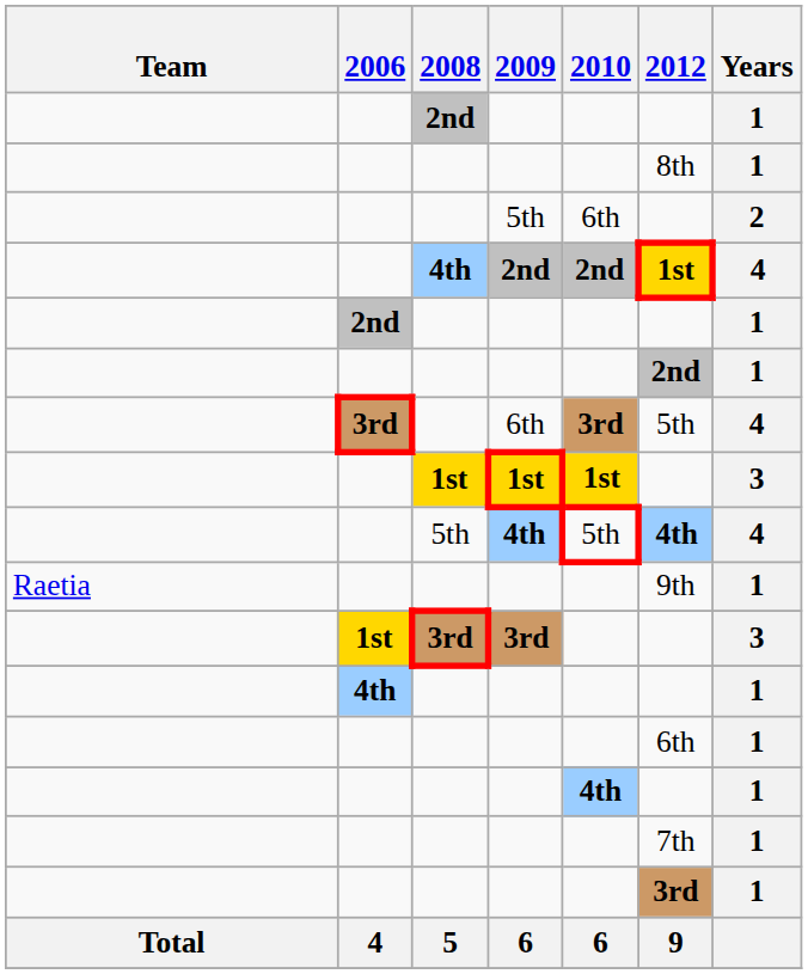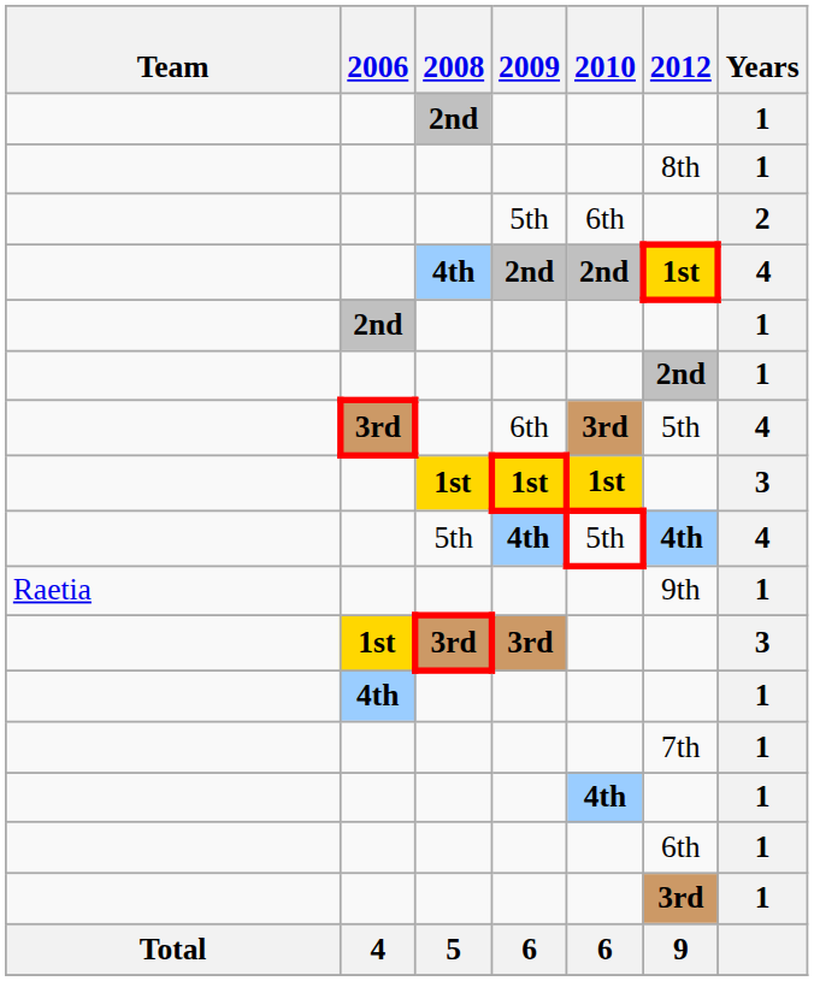 <table class="wikitable" style="text-align:center; font-size:90%">
 <tr valign="bottom">
 <th width=150>Team</th>
 <th><br><a href='#'>2006</a></th>
 <th><br><a href='#'>2008</a></th>
 <th><br><a href='#'>2009</a></th>
 <th><br><a href='#'>2010</a></th>
 <th><br><a href='#'>2012</a></th>
 <th>Years</th>
 </tr>
 <tr>
 <td align=left></td>
 <td></td>
 <td bgcolor=silver><strong>2nd</strong></td>
 <td></td>
 <td></td>
 <td></td>
 <th>1</th>
 </tr>
 <tr>
 <td align=left></td>
 <td></td>
 <td></td>
 <td></td>
 <td></td>
 <td>8th</td>
 <th>1</th>
 </tr>
 <tr>
 <td align=left></td>
 <td></td>
 <td></td>
 <td>5th</td>
 <td>6th</td>
 <td></td>
 <th>2</th>
 </tr>
 <tr>
 <td align=left></td>
 <td></td>
 <td bgcolor=#9acdff><strong>4th</strong></td>
 <td bgcolor=silver><strong>2nd</strong></td>
 <td bgcolor=silver><strong>2nd</strong></td>
 <td style="border: 3px solid red" bgcolor=gold><strong>1st</strong></td>
 <th>4</th>
 </tr>
 <tr>
 <td align=left></td>
 <td bgcolor=silver><strong>2nd</strong></td>
 <td></td>
 <td></td>
 <td></td>
 <td></td>
 <th>1</th>
 </tr>
 <tr>
 <td align=left></td>
 <td></td>
 <td></td>
 <td></td>
 <td></td>
 <td bgcolor=silver><strong>2nd</strong></td>
 <th>1</th>
 </tr>
 <tr>
 <td align=left></td>
 <td style="border: 3px solid red" bgcolor=#cc9966><strong>3rd</strong></td>
 <td></td>
 <td>6th</td>
 <td bgcolor=#cc9966><strong>3rd</strong></td>
 <td>5th</td>
 <th>4</th>
 </tr>
 <tr>
 <td align=left></td>
 <td></td>
 <td bgcolor=gold><strong>1st</strong></td>
 <td style="border: 3px solid red" bgcolor=gold><strong>1st</strong></td>
 <td bgcolor=gold><strong>1st</strong></td>
 <td></td>
 <th>3</th>
 </tr>
 <tr>
 <td align=left></td>
 <td></td>
 <td>5th</td>
 <td bgcolor=#9acdff><strong>4th</strong></td>
 <td style="border: 3px solid red">5th</td>
 <td bgcolor=#9acdff><strong>4th</strong></td>
 <th>4</th>
 </tr>
 <tr>
 <td align=left> <a href='#'>Raetia</a></td>
 <td></td>
 <td></td>
 <td></td>
 <td></td>
 <td>9th</td>
 <th>1</th>
 </tr>
 <tr>
 <td align=left></td>
 <td bgcolor=gold><strong>1st</strong></td>
 <td style="border: 3px solid red" bgcolor=#cc9966><strong>3rd</strong></td>
 <td bgcolor=#cc9966><strong>3rd</strong></td>
 <td></td>
 <td></td>
 <th>3</th>
 </tr>
 <tr>
 <td align=left></td>
 <td bgcolor=#9acdff><strong>4th</strong></td>
 <td></td>
 <td></td>
 <td></td>
 <td></td>
 <th>1</th>
 </tr>
 <tr>
 <td align=left></td>
 <td></td>
 <td></td>
 <td></td>
 <td></td>
-<td>6th</td>
+<td>7th</td>
 <th>1</th>
 </tr>
 <tr>
 <td align=left></td>
 <td></td>
 <td></td>
 <td></td>
 <td bgcolor=#9acdff><strong>4th</strong></td>
 <td></td>
 <th>1</th>
 </tr>
 <tr>
 <td align=left></td>
 <td></td>
 <td></td>
 <td></td>
 <td></td>
-<td>7th</td>
+<td>6th</td>
 <th>1</th>
 </tr>
 <tr>
 <td align=left></td>
 <td></td>
 <td></td>
 <td></td>
 <td></td>
 <td bgcolor=#cc9966><strong>3rd</strong></td>
 <th>1</th>
 </tr>
 <tr>
 <th>Total</th>
 <th>4</th>
 <th>5</th>
 <th>6</th>
 <th>6</th>
 <th>9</th>
 <th></th>
 </tr>
 <tr>
 </tr>
 </table>
